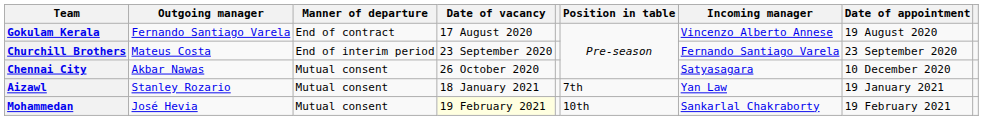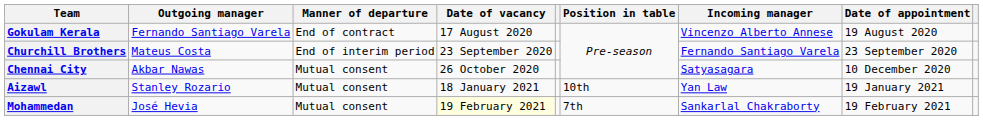 <table class="wikitable sortable" style="text-align: left; font-size:90%">
 <tr>
 <th scope=col>Team</th>
 <th scope=col>Outgoing manager</th>
 <th scope=col>Manner of departure</th>
 <th scope=col>Date of vacancy</th>
 <th scope=col class=unsortable></th>
 <th scope=col>Position in table</th>
 <th scope=col>Incoming manager</th>
 <th scope=col>Date of appointment</th>
 <th scope=col class=unsortable></th>
 </tr>
 <tr>
 <th scope=row style="text-align: left;"><a href='#'>Gokulam Kerala</a></th>
 <td> <a href='#'>Fernando Santiago Varela</a></td>
 <td rowspan="1">End of contract</td>
 <td>17 August 2020</td>
 <td></td>
 <td rowspan="3" align="center"><em>Pre-season</em></td>
 <td> <a href='#'>Vincenzo Alberto Annese</a></td>
 <td>19 August 2020</td>
 <td></td>
 </tr>
 <tr>
 <th scope=row style="text-align: left;"><a href='#'>Churchill Brothers</a></th>
 <td> <a href='#'>Mateus Costa</a></td>
 <td>End of interim period</td>
 <td>23 September 2020</td>
 <td></td>
 <td> <a href='#'>Fernando Santiago Varela</a></td>
 <td>23 September 2020</td>
 <td></td>
 </tr>
 <tr>
 <th scope=row style="text-align: left;"><a href='#'>Chennai City</a></th>
 <td> <a href='#'>Akbar Nawas</a></td>
 <td>Mutual consent</td>
 <td>26 October 2020</td>
 <td></td>
 <td> <a href='#'>Satyasagara</a></td>
 <td>10 December 2020</td>
 <td></td>
 </tr>
 <tr>
 <th scope=row style="text-align: left;"><a href='#'>Aizawl</a></th>
 <td> <a href='#'>Stanley Rozario</a></td>
 <td>Mutual consent</td>
 <td>18 January 2021</td>
 <td></td>
-<td>7th</td>
+<td>10th</td>
 <td> <a href='#'>Yan Law</a></td>
 <td>19 January 2021</td>
 <td></td>
 </tr>
 <tr>
 <th scope=row style="text-align: left;"><a href='#'>Mohammedan</a></th>
 <td> <a href='#'>José Hevia</a></td>
 <td>Mutual consent</td>
 <td style="background: lightyellow;">19 February 2021</td>
 <td></td>
-<td>10th</td>
+<td>7th</td>
 <td> <a href='#'>Sankarlal Chakraborty</a></td>
 <td>19 February 2021</td>
 <td></td>
 </tr>
 </table>
